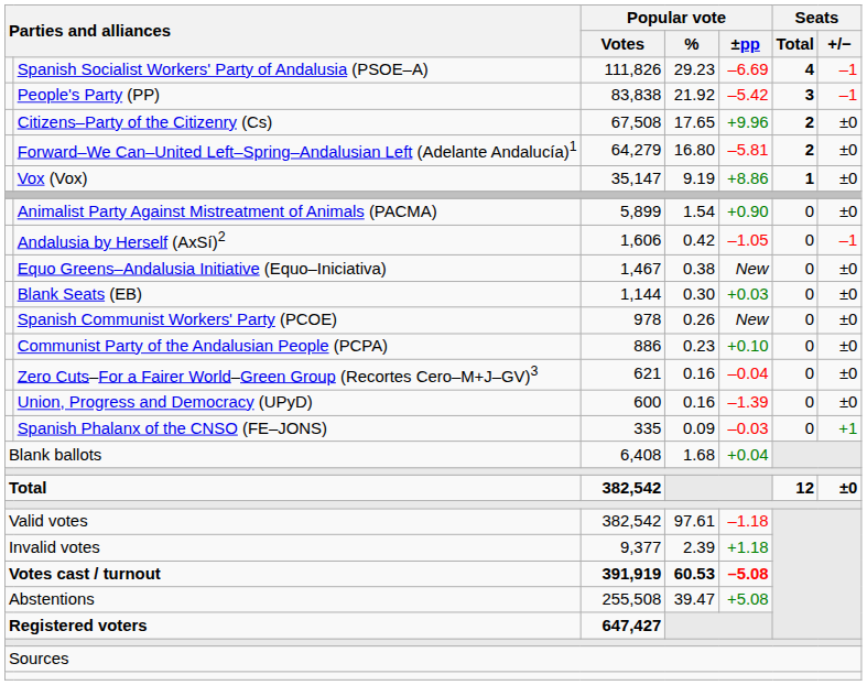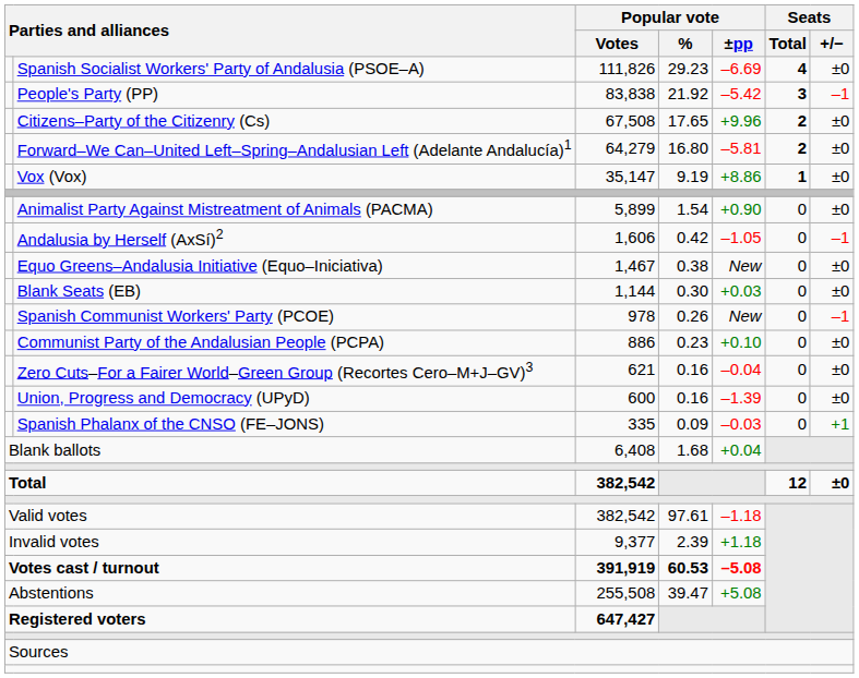 <table class="wikitable" style="text-align:right;">
 <tr>
 <th style="text-align:left;" rowspan="2" colspan="2" width="525">Parties and alliances</th>
 <th colspan="3">Popular vote</th>
 <th colspan="2">Seats</th>
 </tr>
 <tr>
 <th width="75">Votes</th>
 <th width="45">%</th>
 <th width="45">±<a href='#'>pp</a></th>
 <th width="35">Total</th>
 <th width="35">+/−</th>
 </tr>
 <tr>
 <td width="1" style="color:inherit;background:"></td>
 <td align="left"><a href='#'>Spanish Socialist Workers' Party of Andalusia</a> (PSOE–A)</td>
 <td>111,826</td>
 <td>29.23</td>
 <td style="color:red;">–6.69</td>
 <td><strong>4</strong></td>
-<td style="color:red;">–1</td>
+<td>±0</td>
 </tr>
 <tr>
 <td style="color:inherit;background:"></td>
 <td align="left"><a href='#'>People's Party</a> (PP)</td>
 <td>83,838</td>
 <td>21.92</td>
 <td style="color:red;">–5.42</td>
 <td><strong>3</strong></td>
 <td style="color:red;">–1</td>
 </tr>
 <tr>
 <td style="color:inherit;background:"></td>
 <td align="left"><a href='#'>Citizens–Party of the Citizenry</a> (Cs)</td>
 <td>67,508</td>
 <td>17.65</td>
 <td style="color:green;">+9.96</td>
 <td><strong>2</strong></td>
 <td>±0</td>
 </tr>
 <tr>
 <td style="color:inherit;background:"></td>
 <td align="left"><a href='#'>Forward–We Can–United Left–Spring–Andalusian Left</a> (Adelante Andalucía)<sup>1</sup></td>
 <td>64,279</td>
 <td>16.80</td>
 <td style="color:red;">–5.81</td>
 <td><strong>2</strong></td>
 <td>±0</td>
 </tr>
 <tr>
 <td style="color:inherit;background:"></td>
 <td align="left"><a href='#'>Vox</a> (Vox)</td>
 <td>35,147</td>
 <td>9.19</td>
 <td style="color:green;">+8.86</td>
 <td><strong>1</strong></td>
 <td>±0</td>
 </tr>
 <tr>
 <td colspan="7" bgcolor="#C0C0C0"></td>
 </tr>
 <tr>
 <td style="color:inherit;background:"></td>
 <td align="left"><a href='#'>Animalist Party Against Mistreatment of Animals</a> (PACMA)</td>
 <td>5,899</td>
 <td>1.54</td>
 <td style="color:green;">+0.90</td>
 <td>0</td>
 <td>±0</td>
 </tr>
 <tr>
 <td style="color:inherit;background:"></td>
 <td align="left"><a href='#'>Andalusia by Herself</a> (AxSí)<sup>2</sup></td>
 <td>1,606</td>
 <td>0.42</td>
 <td style="color:red;">–1.05</td>
 <td>0</td>
 <td style="color:red;">–1</td>
 </tr>
 <tr>
 <td style="color:inherit;background:"></td>
 <td align="left"><a href='#'>Equo Greens–Andalusia Initiative</a> (Equo–Iniciativa)</td>
 <td>1,467</td>
 <td>0.38</td>
 <td><em>New</em></td>
 <td>0</td>
 <td>±0</td>
 </tr>
 <tr>
 <td style="color:inherit;background:"></td>
 <td align="left"><a href='#'>Blank Seats</a> (EB)</td>
 <td>1,144</td>
 <td>0.30</td>
 <td style="color:green;">+0.03</td>
 <td>0</td>
 <td>±0</td>
 </tr>
 <tr>
 <td style="color:inherit;background:"></td>
 <td align="left"><a href='#'>Spanish Communist Workers' Party</a> (PCOE)</td>
 <td>978</td>
 <td>0.26</td>
 <td><em>New</em></td>
 <td>0</td>
-<td>±0</td>
+<td style="color:red;">–1</td>
 </tr>
 <tr>
 <td style="color:inherit;background:"></td>
 <td align="left"><a href='#'>Communist Party of the Andalusian People</a> (PCPA)</td>
 <td>886</td>
 <td>0.23</td>
 <td style="color:green;">+0.10</td>
 <td>0</td>
 <td>±0</td>
 </tr>
 <tr>
 <td style="color:inherit;background:"></td>
 <td align="left"><a href='#'>Zero Cuts</a>–<a href='#'>For a Fairer World</a>–<a href='#'>Green Group</a> (Recortes Cero–M+J–GV)<sup>3</sup></td>
 <td>621</td>
 <td>0.16</td>
 <td style="color:red;">–0.04</td>
 <td>0</td>
 <td>±0</td>
 </tr>
 <tr>
 <td style="color:inherit;background:"></td>
 <td align="left"><a href='#'>Union, Progress and Democracy</a> (UPyD)</td>
 <td>600</td>
 <td>0.16</td>
 <td style="color:red;">–1.39</td>
 <td>0</td>
 <td>±0</td>
 </tr>
 <tr>
 <td style="color:inherit;background:"></td>
 <td align="left"><a href='#'>Spanish Phalanx of the CNSO</a> (FE–JONS)</td>
 <td>335</td>
 <td>0.09</td>
 <td style="color:red;">–0.03</td>
 <td>0</td>
 <td style="color:green;">+1</td>
 </tr>
 <tr>
 <td align="left" colspan="2">Blank ballots</td>
 <td>6,408</td>
 <td>1.68</td>
 <td style="color:green;">+0.04</td>
 <td bgcolor="#E9E9E9" colspan="2"></td>
 </tr>
 <tr>
 <td colspan="7" bgcolor="#E9E9E9"></td>
 </tr>
 <tr style="font-weight:bold;">
 <td align="left" colspan="2">Total</td>
 <td>382,542</td>
 <td bgcolor="#E9E9E9" colspan="2"></td>
 <td>12</td>
 <td>±0</td>
 </tr>
 <tr>
 <td colspan="7" bgcolor="#E9E9E9"></td>
 </tr>
 <tr>
 <td align="left" colspan="2">Valid votes</td>
 <td>382,542</td>
 <td>97.61</td>
 <td style="color:red;">–1.18</td>
 <td bgcolor="#E9E9E9" colspan="2" rowspan="5"></td>
 </tr>
 <tr>
 <td align="left" colspan="2">Invalid votes</td>
 <td>9,377</td>
 <td>2.39</td>
 <td style="color:green;">+1.18</td>
 </tr>
 <tr style="font-weight:bold;">
 <td align="left" colspan="2">Votes cast / turnout</td>
 <td>391,919</td>
 <td>60.53</td>
 <td style="color:red;">–5.08</td>
 </tr>
 <tr>
 <td align="left" colspan="2">Abstentions</td>
 <td>255,508</td>
 <td>39.47</td>
 <td style="color:green;">+5.08</td>
 </tr>
 <tr style="font-weight:bold;">
 <td align="left" colspan="2">Registered voters</td>
 <td>647,427</td>
 <td bgcolor="#E9E9E9" colspan="2"></td>
 </tr>
 <tr>
 <td colspan="7" bgcolor="#E9E9E9"></td>
 </tr>
 <tr>
 <td align="left" colspan="7">Sources</td>
 </tr>
 <tr>
 <td colspan="7" style="text-align:left; max-width:790px;"></td>
 </tr>
 </table>
